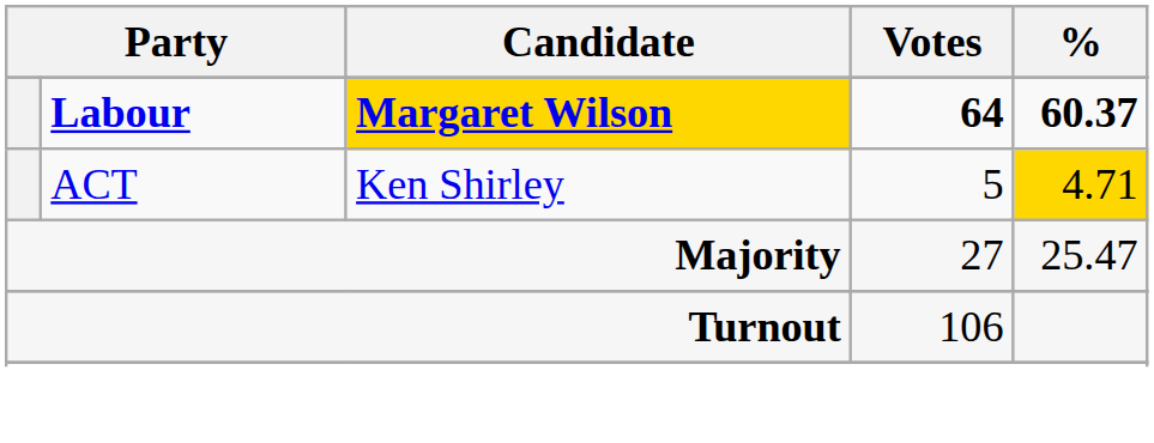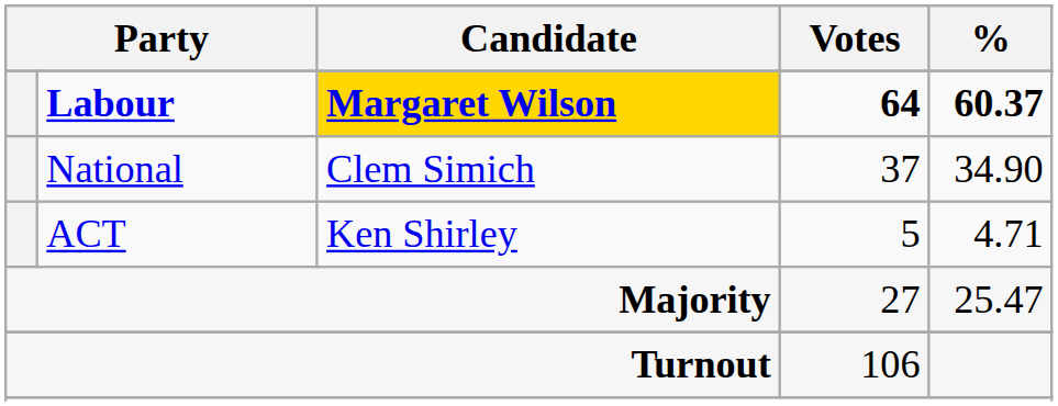 <table class="wikitable" style="font-size: 95%;">
 <tr style="background-color:#E9E9E9">
 <th colspan="2" style="width: 100px">Party</th>
 <th style="width: 170px">Candidate</th>
 <th style="width: 50px">Votes</th>
 <th style="width: 40px">%</th>
 </tr>
 <tr>
 </tr>
 <tr>
 <th width=5 style="background-color: "></th>
 <td style="width: 100px"><strong><a href='#'>Labour</a></strong></td>
 <td style="background: gold; width: 170px"><strong><a href='#'>Margaret Wilson</a></strong></td>
 <td align="right"><strong>64</strong></td>
 <td align="right"><strong>60.37</strong></td>
 </tr>
 <tr>
 <th style="background-color: "></th>
+<td style="width: 100px"><a href='#'>National</a></td>
+<td style="width: 170px"><a href='#'>Clem Simich</a></td>
+<td align="right">37</td>
+<td align="right">34.90</td>
+</tr>
+<tr>
+<th style="background-color: "></th>
 <td style="width: 100px"><a href='#'>ACT</a></td>
 <td style="width: 170px"><a href='#'>Ken Shirley</a></td>
 <td align="right">5</td>
-<td align="right" style="background: gold;">4.71</td>
+<td align="right">4.71</td>
 </tr>
 <tr style="background-color:#F6F6F6">
 <td colspan="3" align="right"><strong>Majority</strong></td>
 <td align="right">27</td>
 <td align="right">25.47</td>
 </tr>
 <tr>
 </tr>
 <tr style="background-color:#F6F6F6">
 <td colspan="3" align="right"><strong>Turnout</strong></td>
 <td align="right">106</td>
 <td></td>
 </tr>
 <tr>
 </tr>
 <tr style="background-color:#F6F6F6">
 </tr>
 </table>
